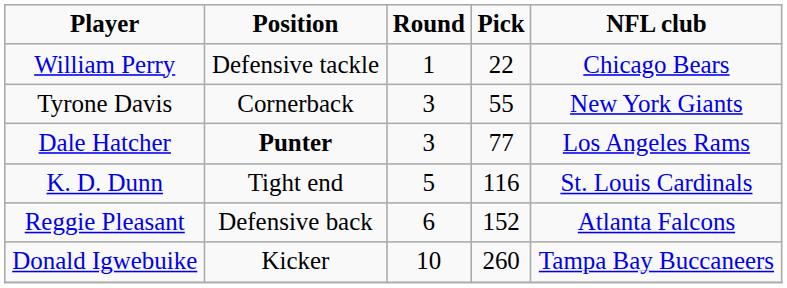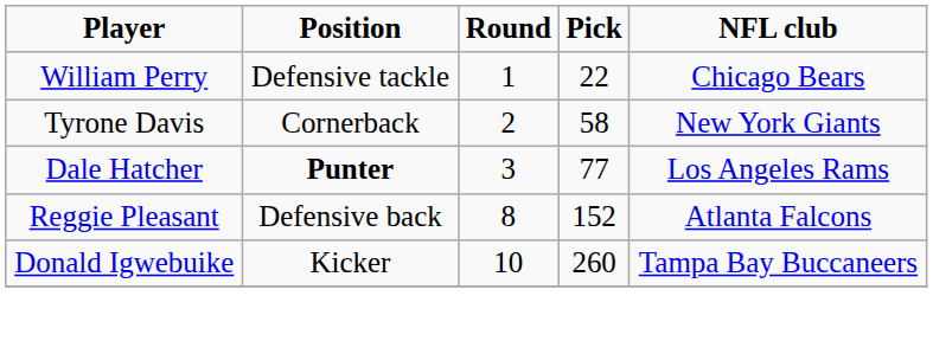 <table class="wikitable" width="80%">
 <tr align="center">
 <td><strong>Player</strong></td>
 <td><strong>Position</strong></td>
 <td><strong>Round</strong></td>
 <td><strong>Pick</strong></td>
 <td><strong>NFL club</strong></td>
 </tr>
 <tr align="center" bgcolor="">
 <td><a href='#'>William Perry</a></td>
 <td>Defensive tackle</td>
 <td>1</td>
 <td>22</td>
 <td><a href='#'>Chicago Bears</a></td>
 </tr>
 <tr align="center" bgcolor="">
 <td>Tyrone Davis</td>
 <td>Cornerback</td>
-<td>3</td>
-<td>55</td>
+<td>2</td>
+<td>58</td>
 <td><a href='#'>New York Giants</a></td>
 </tr>
 <tr align="center" bgcolor="">
 <td><a href='#'>Dale Hatcher</a></td>
 <td><strong>Punter</strong></td>
 <td>3</td>
 <td>77</td>
 <td><a href='#'>Los Angeles Rams</a></td>
 </tr>
 <tr align="center" bgcolor="">
-<td><a href='#'>K. D. Dunn</a></td>
-<td>Tight end</td>
-<td>5</td>
-<td>116</td>
-<td><a href='#'>St. Louis Cardinals</a></td>
-</tr>
-<tr align="center" bgcolor="">
 <td><a href='#'>Reggie Pleasant</a></td>
 <td>Defensive back</td>
-<td>6</td>
+<td>8</td>
 <td>152</td>
 <td><a href='#'>Atlanta Falcons</a></td>
 </tr>
 <tr align="center" bgcolor="">
 <td><a href='#'>Donald Igwebuike</a></td>
 <td>Kicker</td>
 <td>10</td>
 <td>260</td>
 <td><a href='#'>Tampa Bay Buccaneers</a></td>
 </tr>
 <tr align="center" bgcolor="">
 </tr>
 </table>
